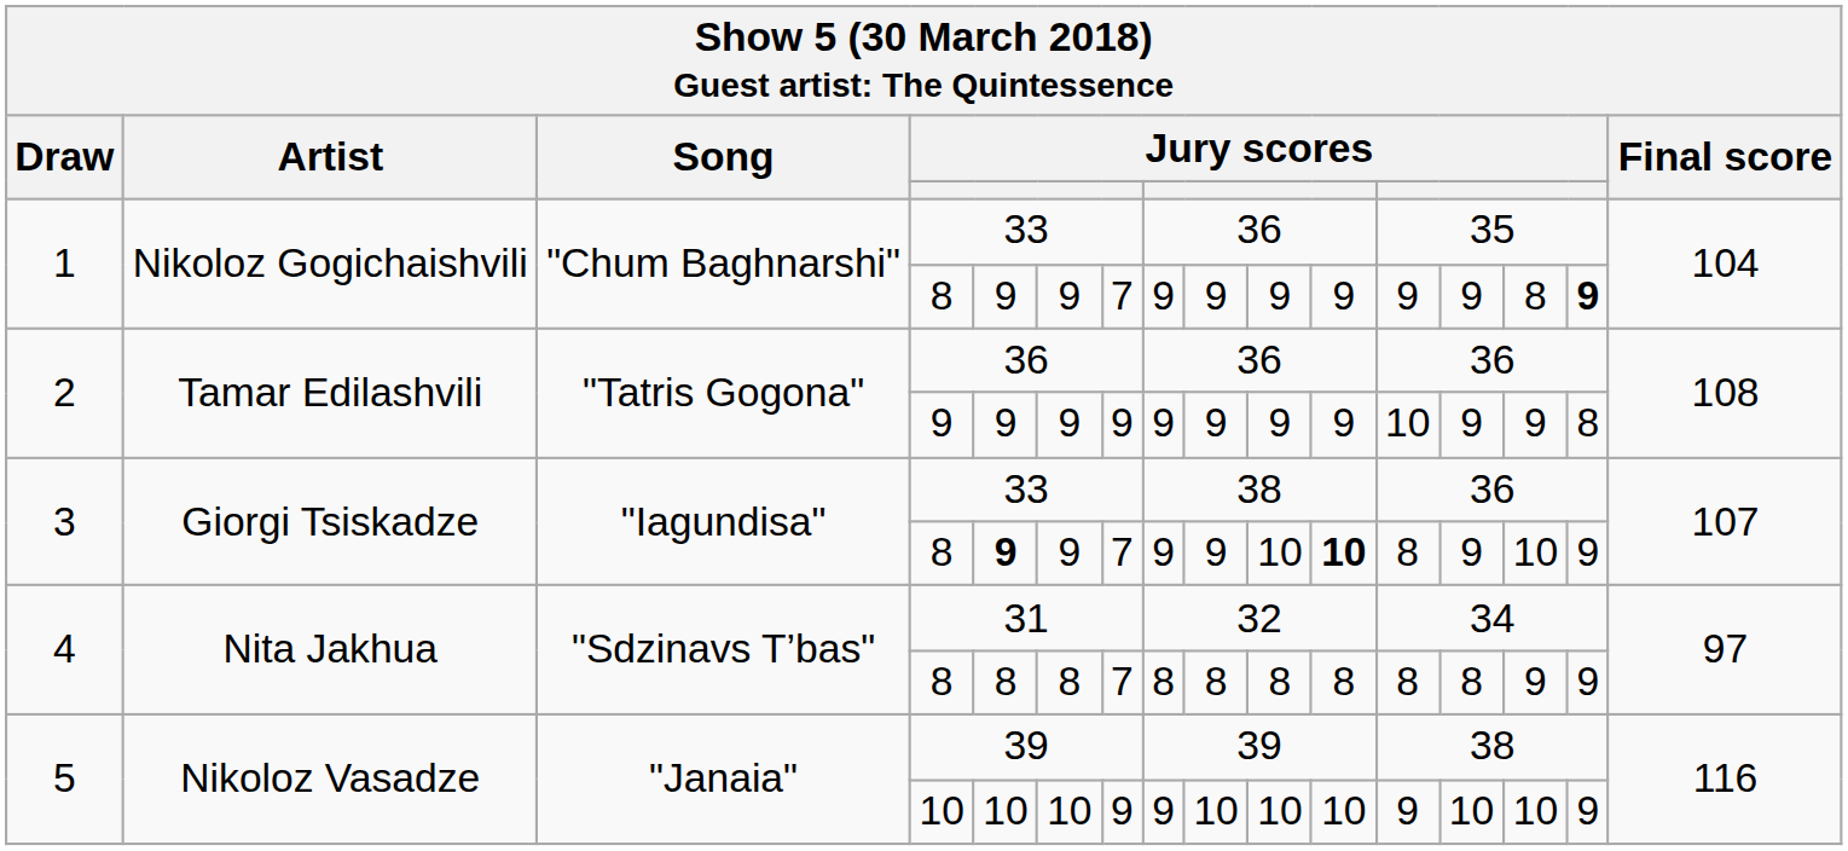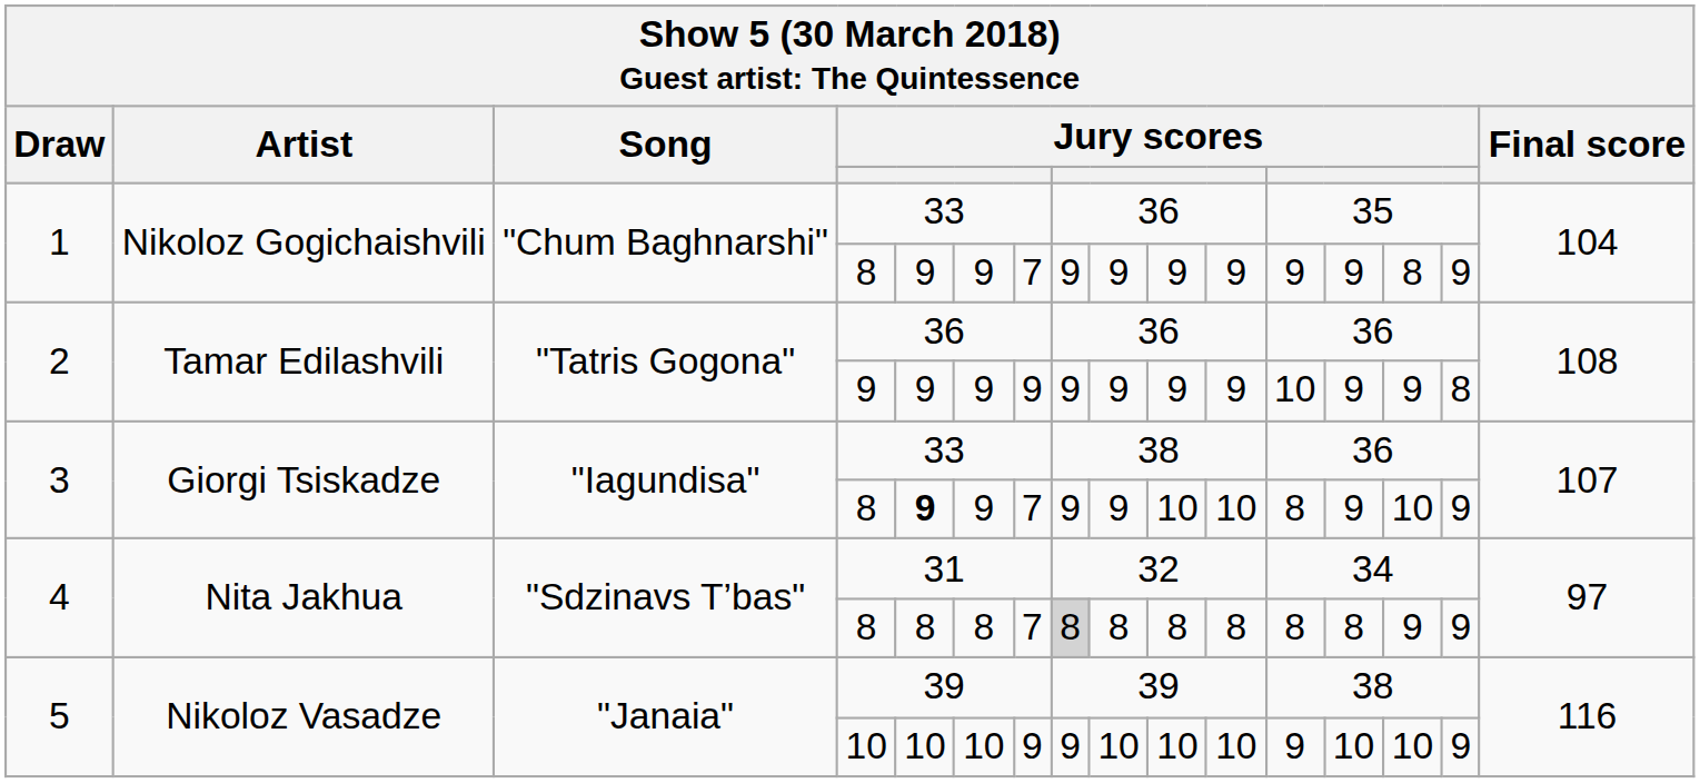 <table class="sortable wikitable" style="text-align:center;margin:1em auto 1em auto">
 <tr>
 <th colspan="16">Show 5 (30 March 2018)<br><small>Guest artist: The Quintessence</small></th>
 </tr>
 <tr>
 <th rowspan="2" scope="col">Draw</th>
 <th rowspan="2" scope="col">Artist</th>
 <th rowspan="2" scope="col">Song</th>
 <th colspan="12" scope="col">Jury scores</th>
 <th rowspan="2" scope="col">Final score</th>
 </tr>
 <tr>
 <th colspan="4" class="unsortable" scope="col"><small></small></th>
 <th colspan="4" class="unsortable" scope="col"><small></small></th>
 <th colspan="4" class="unsortable" scope="col"><small></small></th>
 </tr>
 <tr>
 <td rowspan="2">1</td>
 <td rowspan="2">Nikoloz Gogichaishvili</td>
 <td rowspan="2">"Chum Baghnarshi"<br></td>
 <td colspan="4">33</td>
 <td colspan="4">36</td>
 <td colspan="4">35</td>
 <td rowspan="2">104</td>
 </tr>
 <tr>
 <td>8</td>
 <td>9</td>
 <td>9</td>
 <td>7</td>
 <td>9</td>
 <td>9</td>
 <td>9</td>
 <td>9</td>
 <td>9</td>
 <td>9</td>
 <td>8</td>
-<td><strong>9</strong></td>
+<td>9</td>
 </tr>
 <tr>
 <td rowspan="2">2</td>
 <td rowspan="2">Tamar Edilashvili</td>
 <td rowspan="2">"Tatris Gogona"<br></td>
 <td colspan="4">36</td>
 <td colspan="4">36</td>
 <td colspan="4">36</td>
 <td rowspan="2">108</td>
 </tr>
 <tr>
 <td>9</td>
 <td>9</td>
 <td>9</td>
 <td>9</td>
 <td>9</td>
 <td>9</td>
 <td>9</td>
 <td>9</td>
 <td>10</td>
 <td>9</td>
 <td>9</td>
 <td>8</td>
 </tr>
 <tr>
 <td rowspan="2">3</td>
 <td rowspan="2">Giorgi Tsiskadze</td>
 <td rowspan="2">"Iagundisa"<br></td>
 <td colspan="4">33</td>
 <td colspan="4">38</td>
 <td colspan="4">36</td>
 <td rowspan="2">107</td>
 </tr>
 <tr>
 <td>8</td>
 <td><strong>9</strong></td>
 <td>9</td>
 <td>7</td>
 <td>9</td>
 <td>9</td>
 <td>10</td>
-<td><strong>10</strong></td>
+<td>10</td>
 <td>8</td>
 <td>9</td>
 <td>10</td>
 <td>9</td>
 </tr>
 <tr>
 <td rowspan="2">4</td>
 <td rowspan="2">Nita Jakhua</td>
 <td rowspan="2">"Sdzinavs T’bas"<br></td>
 <td colspan="4">31</td>
 <td colspan="4">32</td>
 <td colspan="4">34</td>
 <td rowspan="2">97</td>
 </tr>
 <tr>
 <td>8</td>
 <td>8</td>
 <td>8</td>
 <td>7</td>
-<td>8</td>
+<td style="background: lightgrey;">8</td>
 <td>8</td>
 <td>8</td>
 <td>8</td>
 <td>8</td>
 <td>8</td>
 <td>9</td>
 <td>9</td>
 </tr>
 <tr>
 <td rowspan="2">5</td>
 <td rowspan="2">Nikoloz Vasadze</td>
 <td rowspan="2">"Janaia"<br></td>
 <td colspan="4">39</td>
 <td colspan="4">39</td>
 <td colspan="4">38</td>
 <td rowspan="2">116</td>
 </tr>
 <tr>
 <td>10</td>
 <td>10</td>
 <td>10</td>
 <td>9</td>
 <td>9</td>
 <td>10</td>
 <td>10</td>
 <td>10</td>
 <td>9</td>
 <td>10</td>
 <td>10</td>
 <td>9</td>
 </tr>
 </table>
